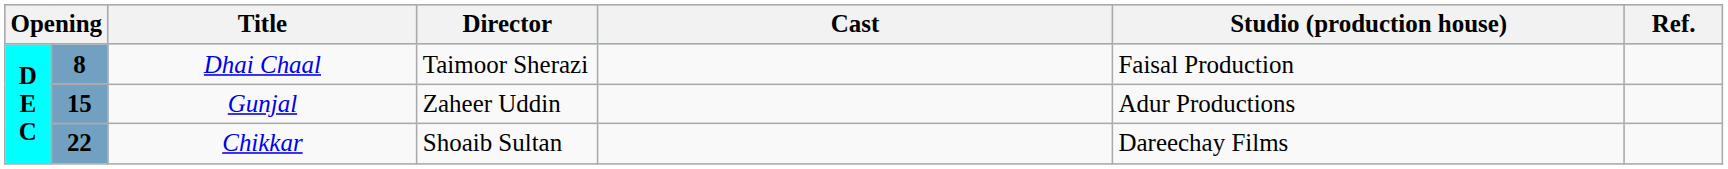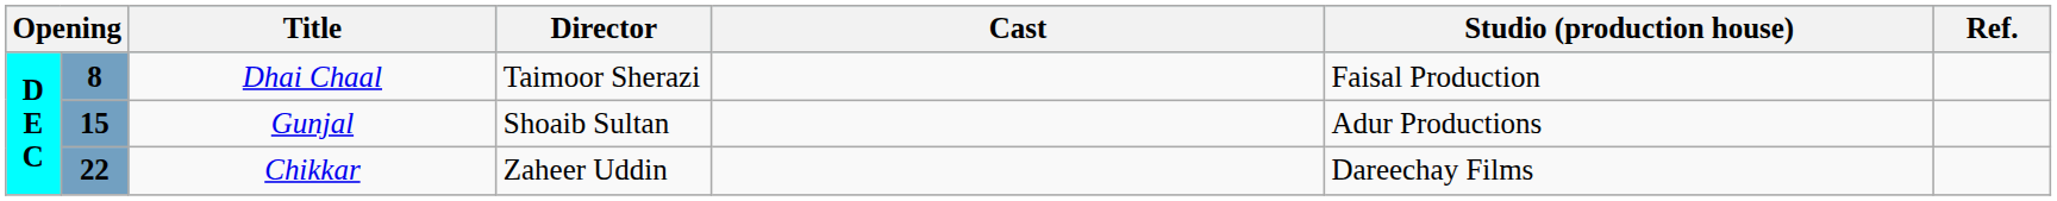 <table class="wikitable">
 <tr style="background:#b0e0e6; text-align:center;">
 <th colspan="2" style="width:6%;"><strong>Opening</strong></th>
 <th style="width:18%;"><strong>Title</strong></th>
 <th style="width:10.5%;"><strong>Director</strong></th>
 <th style="width:30%;"><strong>Cast</strong></th>
 <th>Studio (production house)</th>
 <th>Ref.</th>
 </tr>
 <tr December>
 <td rowspan="3" style="text-align:center; background:#00FFFF; textcolor:#000;"><strong>D<br>E<br>C</strong></td>
 <td style="text-align:center;background:#72A0C1;"><strong>8</strong></td>
 <td style="text-align:center;"><em><a href='#'>Dhai Chaal</a></em></td>
 <td>Taimoor Sherazi</td>
 <td></td>
 <td>Faisal Production</td>
 <td></td>
 </tr>
 <tr>
 <td style="text-align:center;background:#72A0C1;"><strong>15</strong></td>
 <td style="text-align:center;"><em><a href='#'>Gunjal</a></em></td>
-<td>Zaheer Uddin</td>
+<td>Shoaib Sultan</td>
 <td></td>
 <td>Adur Productions</td>
 <td></td>
 </tr>
 <tr>
 <td rowspan="1" style="text-align:center;background:#72A0C1;"><strong>22</strong></td>
 <td style="text-align:center;"><em><a href='#'>Chikkar</a></em></td>
-<td>Shoaib Sultan</td>
+<td>Zaheer Uddin</td>
 <td></td>
 <td>Dareechay Films</td>
 <td></td>
 </tr>
 </table>
